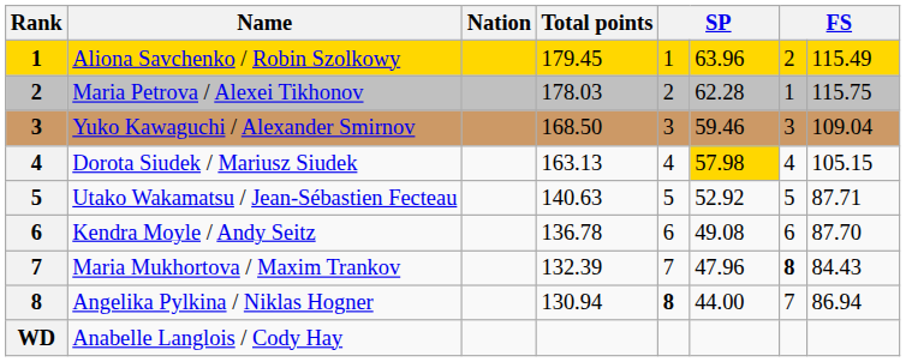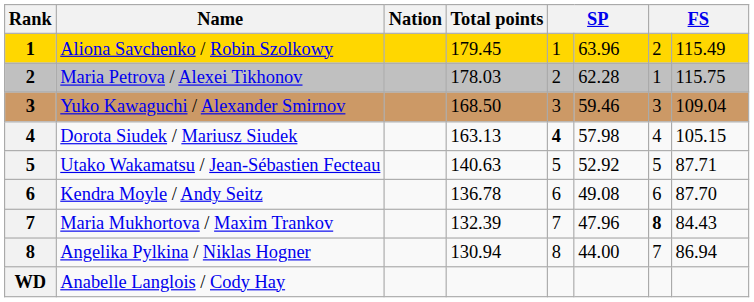 <table class="wikitable">
 <tr>
 <th>Rank</th>
 <th>Name</th>
 <th>Nation</th>
 <th>Total points</th>
 <th colspan="2" width="80px"><a href='#'>SP</a></th>
 <th colspan="2" width="80px"><a href='#'>FS</a></th>
 </tr>
 <tr bgcolor="gold">
 <td align="center"><strong>1</strong></td>
 <td><a href='#'>Aliona Savchenko</a> / <a href='#'>Robin Szolkowy</a></td>
 <td></td>
 <td>179.45</td>
 <td>1</td>
 <td>63.96</td>
 <td>2</td>
 <td>115.49</td>
 </tr>
 <tr bgcolor="silver">
 <td align="center"><strong>2</strong></td>
 <td><a href='#'>Maria Petrova</a> / <a href='#'>Alexei Tikhonov</a></td>
 <td></td>
 <td>178.03</td>
 <td>2</td>
 <td>62.28</td>
 <td>1</td>
 <td>115.75</td>
 </tr>
 <tr bgcolor="cc9966">
 <td align="center"><strong>3</strong></td>
 <td><a href='#'>Yuko Kawaguchi</a> / <a href='#'>Alexander Smirnov</a></td>
 <td></td>
 <td>168.50</td>
 <td>3</td>
 <td>59.46</td>
 <td>3</td>
 <td>109.04</td>
 </tr>
 <tr>
 <th>4</th>
 <td><a href='#'>Dorota Siudek</a> / <a href='#'>Mariusz Siudek</a></td>
 <td></td>
 <td>163.13</td>
-<td>4</td>
-<td style="background: gold;">57.98</td>
+<td><strong>4</strong></td>
+<td>57.98</td>
 <td>4</td>
 <td>105.15</td>
 </tr>
 <tr>
 <th>5</th>
 <td><a href='#'>Utako Wakamatsu</a> / <a href='#'>Jean-Sébastien Fecteau</a></td>
 <td></td>
 <td>140.63</td>
 <td>5</td>
 <td>52.92</td>
 <td>5</td>
 <td>87.71</td>
 </tr>
 <tr>
 <th>6</th>
 <td><a href='#'>Kendra Moyle</a> / <a href='#'>Andy Seitz</a></td>
 <td></td>
 <td>136.78</td>
 <td>6</td>
 <td>49.08</td>
 <td>6</td>
 <td>87.70</td>
 </tr>
 <tr>
 <th>7</th>
 <td><a href='#'>Maria Mukhortova</a> / <a href='#'>Maxim Trankov</a></td>
 <td></td>
 <td>132.39</td>
 <td>7</td>
 <td>47.96</td>
 <td><strong>8</strong></td>
 <td>84.43</td>
 </tr>
 <tr>
 <th>8</th>
 <td><a href='#'>Angelika Pylkina</a> / <a href='#'>Niklas Hogner</a></td>
 <td></td>
 <td>130.94</td>
-<td><strong>8</strong></td>
+<td>8</td>
 <td>44.00</td>
 <td>7</td>
 <td>86.94</td>
 </tr>
 <tr>
 <th>WD</th>
 <td><a href='#'>Anabelle Langlois</a> / <a href='#'>Cody Hay</a></td>
 <td></td>
 <td></td>
 <td></td>
 <td></td>
 <td></td>
 <td></td>
 </tr>
 </table>
